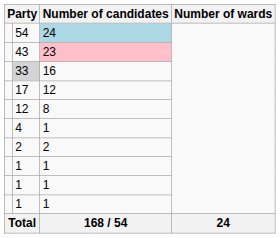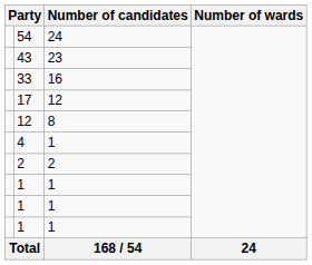 <table class="wikitable">
 <tr>
 <th colspan=2>Party</th>
 <th>Number of candidates</th>
 <th>Number of wards</th>
 </tr>
 <tr>
 <td></td>
 <td>54</td>
-<td style="background: lightblue;">24</td>
+<td>24</td>
 </tr>
 <tr>
 <td></td>
 <td>43</td>
-<td style="background: pink;">23</td>
+<td>23</td>
 </tr>
 <tr>
 <td></td>
-<td style="background: lightgrey;">33</td>
+<td>33</td>
 <td>16</td>
 </tr>
 <tr>
 <td></td>
 <td>17</td>
 <td>12</td>
 </tr>
 <tr>
 <td></td>
 <td>12</td>
 <td>8</td>
 </tr>
 <tr>
 <td></td>
 <td>4</td>
 <td>1</td>
 </tr>
 <tr>
 <td></td>
 <td>2</td>
 <td>2</td>
 </tr>
 <tr>
 <td></td>
 <td>1</td>
 <td>1</td>
 </tr>
 <tr>
 <td></td>
 <td>1</td>
 <td>1</td>
 </tr>
 <tr>
 <td></td>
 <td>1</td>
 <td>1</td>
 </tr>
 <tr>
 <th colspan =2>Total</th>
 <th>168 / 54</th>
 <th>24</th>
 </tr>
 </table>
